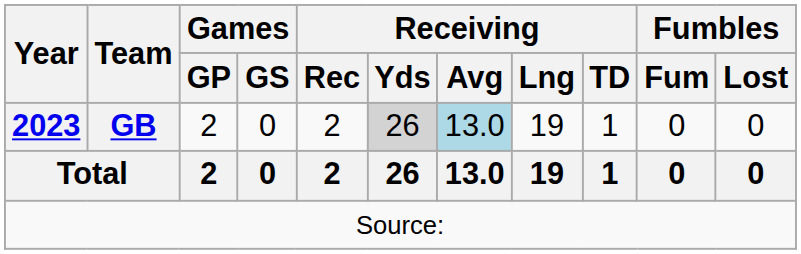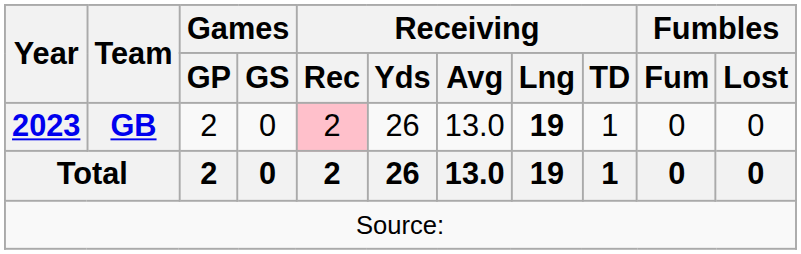 <table class="wikitable" style="text-align: center;">
 <tr>
 <th rowspan="2">Year</th>
 <th rowspan="2">Team</th>
 <th colspan="2">Games</th>
 <th colspan="5">Receiving</th>
 <th colspan="2">Fumbles</th>
 </tr>
 <tr>
 <th>GP</th>
 <th>GS</th>
 <th>Rec</th>
 <th>Yds</th>
 <th>Avg</th>
 <th>Lng</th>
 <th>TD</th>
 <th>Fum</th>
 <th>Lost</th>
 </tr>
 <tr>
 <th><a href='#'>2023</a></th>
 <th><a href='#'>GB</a></th>
 <td>2</td>
 <td>0</td>
-<td>2</td>
-<td style="background: lightgrey;">26</td>
-<td style="background: lightblue;">13.0</td>
-<td>19</td>
+<td style="background: pink;">2</td>
+<td>26</td>
+<td>13.0</td>
+<td><strong>19</strong></td>
 <td>1</td>
 <td>0</td>
 <td>0</td>
 </tr>
 <tr>
 <th colspan="2">Total</th>
 <th>2</th>
 <th>0</th>
 <th>2</th>
 <th>26</th>
 <th>13.0</th>
 <th>19</th>
 <th>1</th>
 <th>0</th>
 <th>0</th>
 </tr>
 <tr>
 <td colspan="11"><small>Source: </small></td>
 </tr>
 </table>
